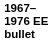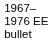 <table style="width:80px;">
 <tr>
 <td></td>
 </tr>
 <tr>
-<td><strong><div>1967–1976 EE bullet</div></strong></td>
+<td><div>1967–1976 EE bullet</div></td>
 </tr>
 </table>
